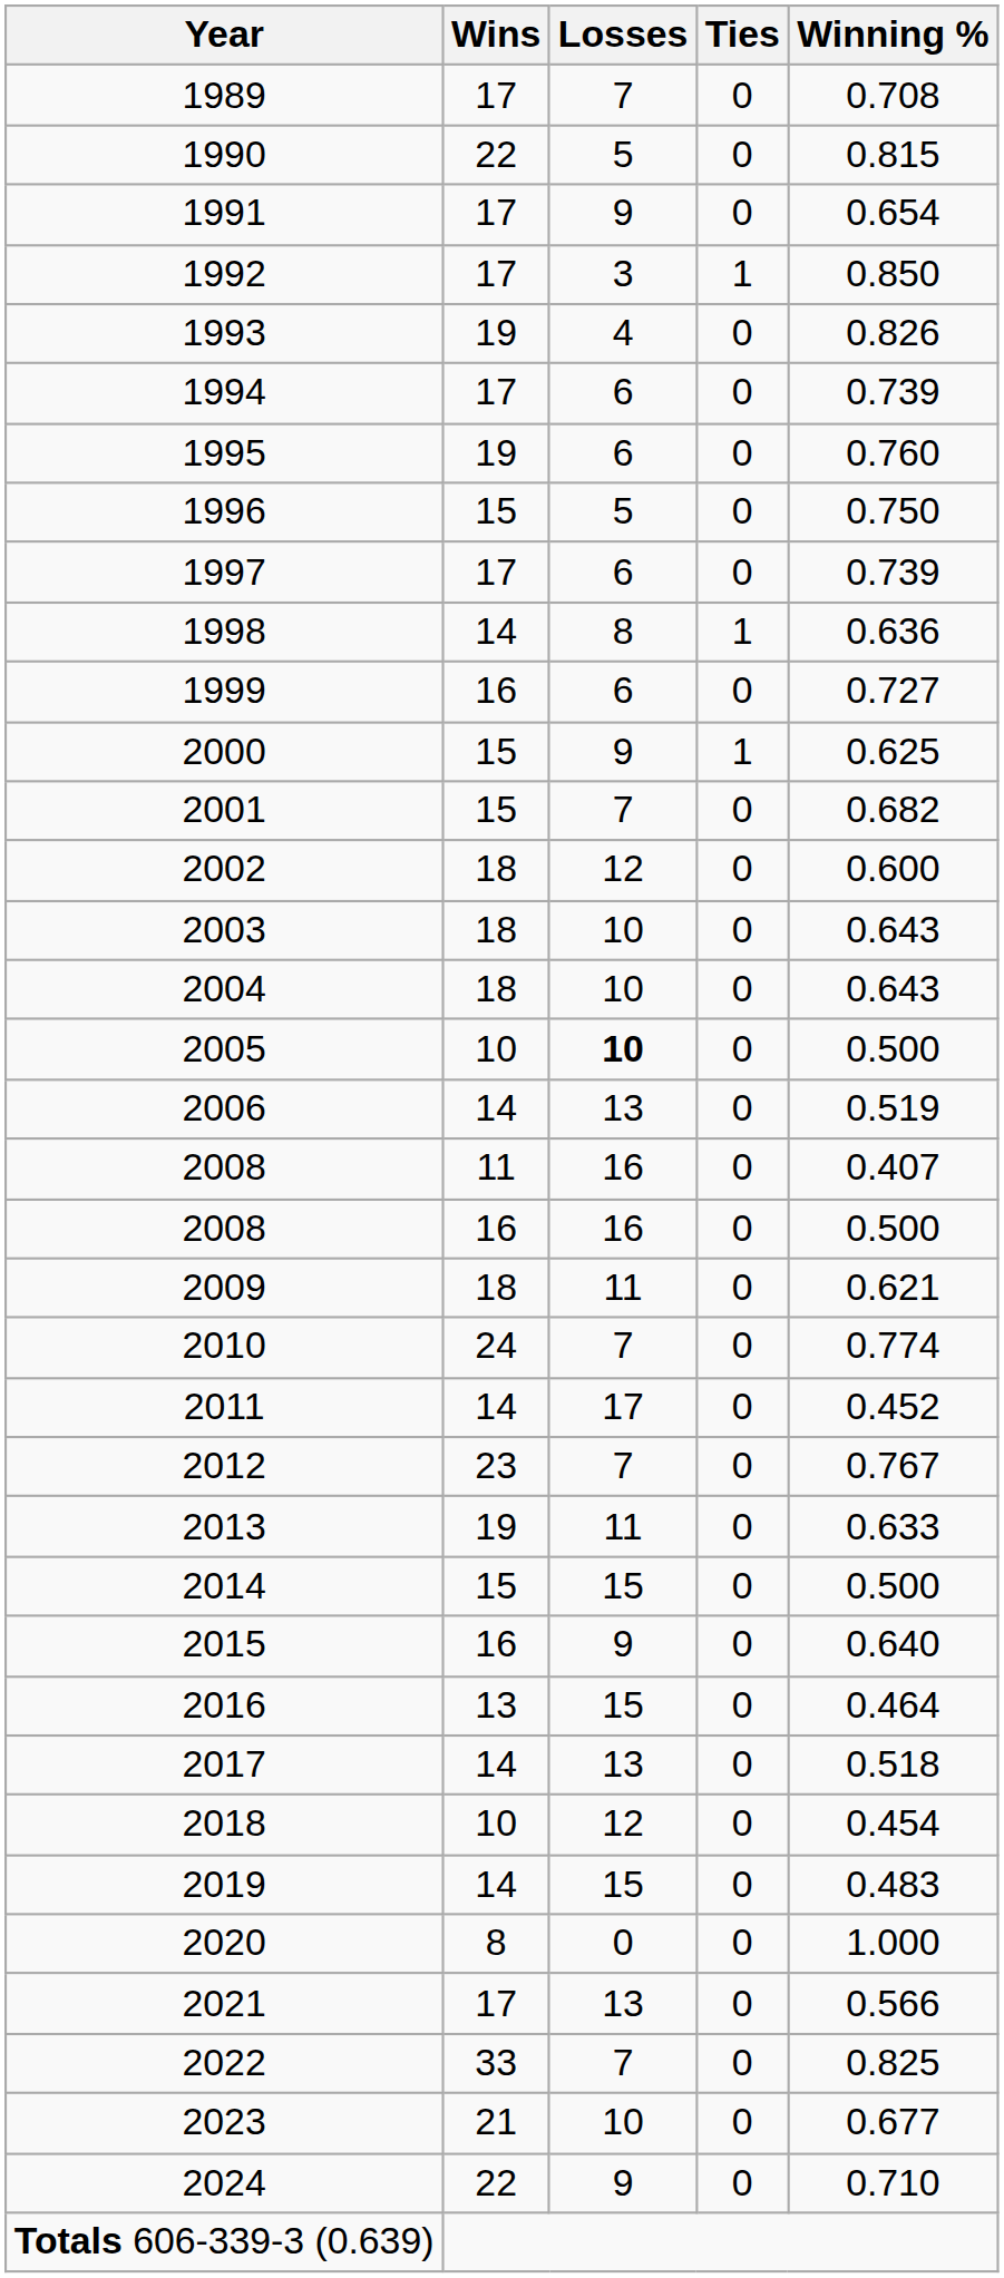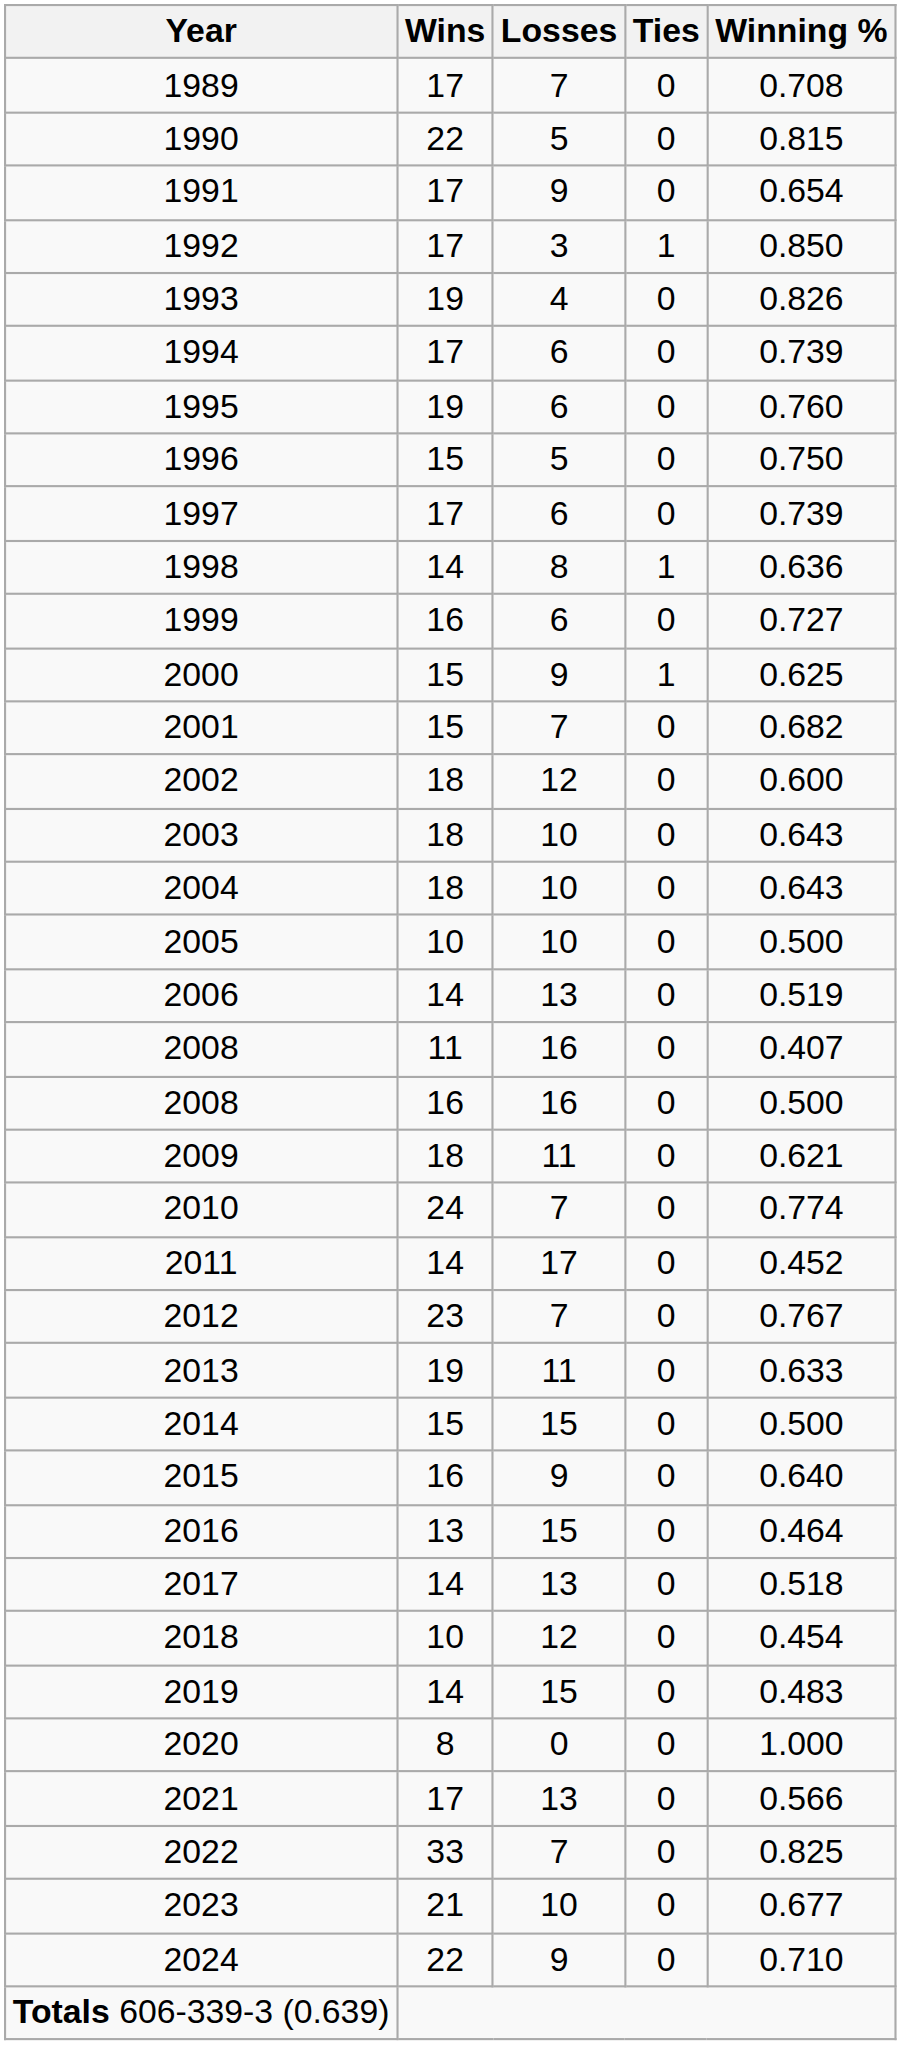 <table class="wikitable" style="text-align:center">
 <tr>
 <th>Year</th>
 <th>Wins</th>
 <th>Losses</th>
 <th>Ties</th>
 <th>Winning %</th>
 </tr>
 <tr>
 <td>1989</td>
 <td>17</td>
 <td>7</td>
 <td>0</td>
 <td>0.708</td>
 </tr>
 <tr>
 <td>1990</td>
 <td>22</td>
 <td>5</td>
 <td>0</td>
 <td>0.815</td>
 </tr>
 <tr>
 <td>1991</td>
 <td>17</td>
 <td>9</td>
 <td>0</td>
 <td>0.654</td>
 </tr>
 <tr>
 <td>1992</td>
 <td>17</td>
 <td>3</td>
 <td>1</td>
 <td>0.850</td>
 </tr>
 <tr>
 <td>1993</td>
 <td>19</td>
 <td>4</td>
 <td>0</td>
 <td>0.826</td>
 </tr>
 <tr>
 <td>1994</td>
 <td>17</td>
 <td>6</td>
 <td>0</td>
 <td>0.739</td>
 </tr>
 <tr>
 <td>1995</td>
 <td>19</td>
 <td>6</td>
 <td>0</td>
 <td>0.760</td>
 </tr>
 <tr>
 <td>1996</td>
 <td>15</td>
 <td>5</td>
 <td>0</td>
 <td>0.750</td>
 </tr>
 <tr>
 <td>1997</td>
 <td>17</td>
 <td>6</td>
 <td>0</td>
 <td>0.739</td>
 </tr>
 <tr>
 <td>1998</td>
 <td>14</td>
 <td>8</td>
 <td>1</td>
 <td>0.636</td>
 </tr>
 <tr>
 <td>1999</td>
 <td>16</td>
 <td>6</td>
 <td>0</td>
 <td>0.727</td>
 </tr>
 <tr>
 <td>2000</td>
 <td>15</td>
 <td>9</td>
 <td>1</td>
 <td>0.625</td>
 </tr>
 <tr>
 <td>2001</td>
 <td>15</td>
 <td>7</td>
 <td>0</td>
 <td>0.682</td>
 </tr>
 <tr>
 <td>2002</td>
 <td>18</td>
 <td>12</td>
 <td>0</td>
 <td>0.600</td>
 </tr>
 <tr>
 <td>2003</td>
 <td>18</td>
 <td>10</td>
 <td>0</td>
 <td>0.643</td>
 </tr>
 <tr>
 <td>2004</td>
 <td>18</td>
 <td>10</td>
 <td>0</td>
 <td>0.643</td>
 </tr>
 <tr>
 <td>2005</td>
 <td>10</td>
-<td><strong>10</strong></td>
+<td>10</td>
 <td>0</td>
 <td>0.500</td>
 </tr>
 <tr>
 <td>2006</td>
 <td>14</td>
 <td>13</td>
 <td>0</td>
 <td>0.519</td>
 </tr>
 <tr>
 <td>2008</td>
 <td>11</td>
 <td>16</td>
 <td>0</td>
 <td>0.407</td>
 </tr>
 <tr>
 <td>2008</td>
 <td>16</td>
 <td>16</td>
 <td>0</td>
 <td>0.500</td>
 </tr>
 <tr>
 <td>2009</td>
 <td>18</td>
 <td>11</td>
 <td>0</td>
 <td>0.621</td>
 </tr>
 <tr>
 <td>2010</td>
 <td>24</td>
 <td>7</td>
 <td>0</td>
 <td>0.774</td>
 </tr>
 <tr>
 <td>2011</td>
 <td>14</td>
 <td>17</td>
 <td>0</td>
 <td>0.452</td>
 </tr>
 <tr>
 <td>2012</td>
 <td>23</td>
 <td>7</td>
 <td>0</td>
 <td>0.767</td>
 </tr>
 <tr>
 <td>2013</td>
 <td>19</td>
 <td>11</td>
 <td>0</td>
 <td>0.633</td>
 </tr>
 <tr>
 <td>2014</td>
 <td>15</td>
 <td>15</td>
 <td>0</td>
 <td>0.500</td>
 </tr>
 <tr>
 <td>2015</td>
 <td>16</td>
 <td>9</td>
 <td>0</td>
 <td>0.640</td>
 </tr>
 <tr>
 <td>2016</td>
 <td>13</td>
 <td>15</td>
 <td>0</td>
 <td>0.464</td>
 </tr>
 <tr>
 <td>2017</td>
 <td>14</td>
 <td>13</td>
 <td>0</td>
 <td>0.518</td>
 </tr>
 <tr>
 <td>2018</td>
 <td>10</td>
 <td>12</td>
 <td>0</td>
 <td>0.454</td>
 </tr>
 <tr>
 <td>2019</td>
 <td>14</td>
 <td>15</td>
 <td>0</td>
 <td>0.483</td>
 </tr>
 <tr>
 <td>2020</td>
 <td>8</td>
 <td>0</td>
 <td>0</td>
 <td>1.000</td>
 </tr>
 <tr>
 <td>2021</td>
 <td>17</td>
 <td>13</td>
 <td>0</td>
 <td>0.566</td>
 </tr>
 <tr>
 <td>2022</td>
 <td>33</td>
 <td>7</td>
 <td>0</td>
 <td>0.825</td>
 </tr>
 <tr>
 <td>2023</td>
 <td>21</td>
 <td>10</td>
 <td>0</td>
 <td>0.677</td>
 </tr>
 <tr>
 <td>2024</td>
 <td>22</td>
 <td>9</td>
 <td>0</td>
 <td>0.710</td>
 </tr>
 <tr>
 <td><strong>Totals</strong> 606-339-3 (0.639)</td>
 </tr>
 </table>
